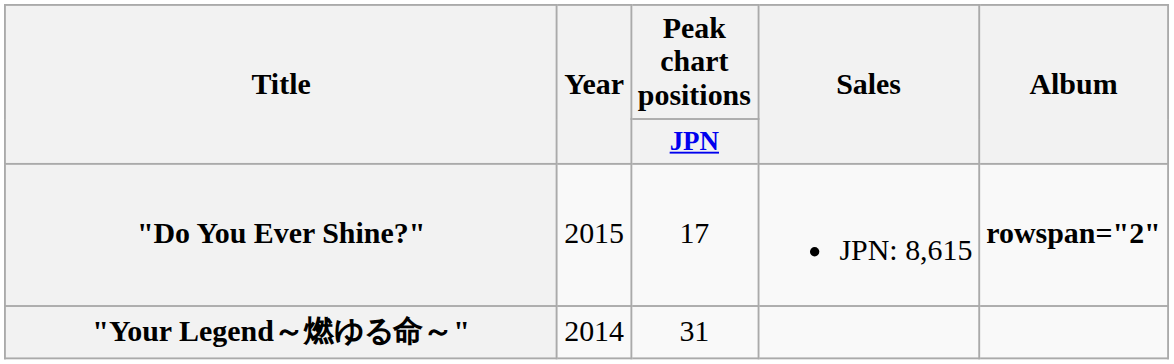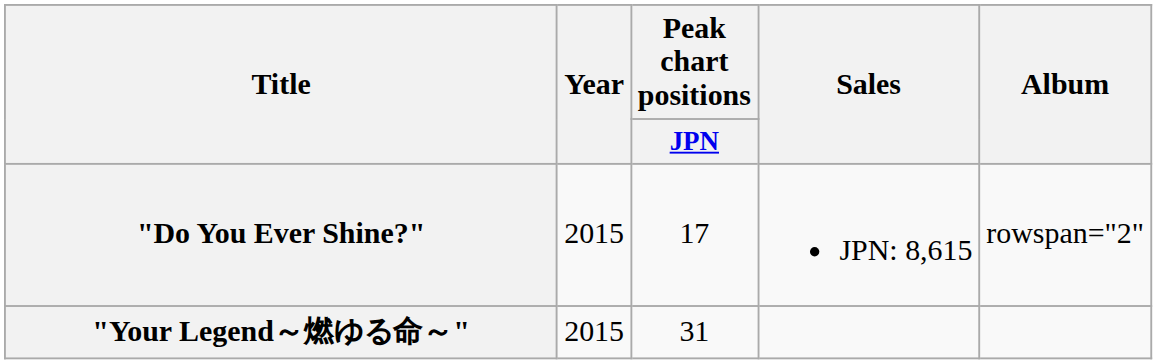 <table class="wikitable plainrowheaders" style="text-align:center;">
 <tr>
 <th rowspan="2" style="width:18em;">Title</th>
 <th rowspan="2">Year</th>
 <th>Peak chart positions</th>
 <th rowspan="2">Sales</th>
 <th rowspan="2">Album</th>
 </tr>
 <tr>
 <th scope="col" style="width:3em;font-size:90%;"><a href='#'>JPN</a><br></th>
 </tr>
 <tr>
 <th scope="row">"Do You Ever Shine?"</th>
 <td>2015</td>
 <td>17</td>
 <td><br><ul><li>JPN: 8,615</li></ul></td>
-<td><strong>rowspan="2" </strong></td>
+<td>rowspan="2" </td>
 </tr>
 <tr>
 <th scope="row">"Your Legend～燃ゆる命～"</th>
-<td>2014</td>
+<td>2015</td>
 <td>31</td>
 <td></td>
 </tr>
 </table>
